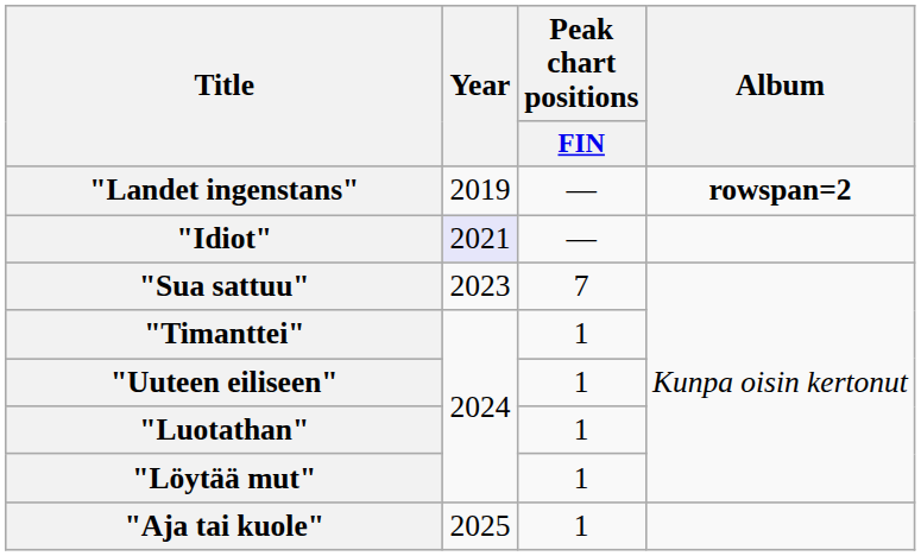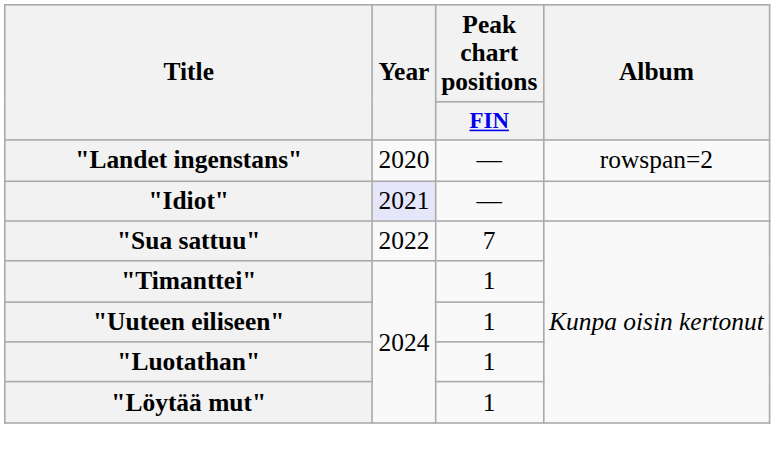 <table class="wikitable plainrowheaders" style="text-align:center;">
 <tr>
 <th scope="col" rowspan="2" style="width:14em;">Title</th>
 <th scope="col" rowspan="2" style="width:1em;">Year</th>
 <th scope="col" colspan="1">Peak chart positions</th>
 <th scope="col" rowspan="2">Album</th>
 </tr>
 <tr>
 <th scope="col" style="width:3em;font-size:90%;"><a href='#'>FIN</a><br></th>
 </tr>
 <tr>
 <th scope="row">"Landet ingenstans"</th>
-<td>2019</td>
+<td>2020</td>
 <td>—</td>
-<td><strong>rowspan=2 </strong></td>
+<td>rowspan=2 </td>
 </tr>
 <tr>
 <th scope="row">"Idiot"</th>
 <td style="background: lavender;">2021</td>
 <td>—</td>
 </tr>
 <tr>
 <th scope="row">"Sua sattuu"</th>
-<td>2023</td>
+<td>2022</td>
 <td>7</td>
 <td rowspan=5><em>Kunpa oisin kertonut</em></td>
 </tr>
 <tr>
 <th scope="row">"Timanttei"</th>
 <td rowspan="4">2024</td>
 <td>1</td>
 </tr>
 <tr>
 <th scope="row">"Uuteen eiliseen"</th>
 <td>1</td>
 </tr>
 <tr>
 <th scope="row">"Luotathan"<br></th>
 <td>1</td>
 </tr>
 <tr>
 <th scope="row">"Löytää mut"</th>
 <td>1</td>
 </tr>
-<tr>
-<th scope="row">"Aja tai kuole"<br></th>
-<td>2025</td>
-<td>1</td>
-<td></td>
-</tr>
 </table>
